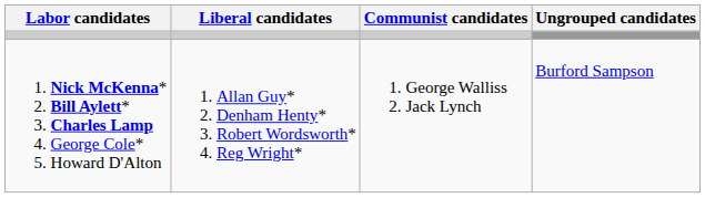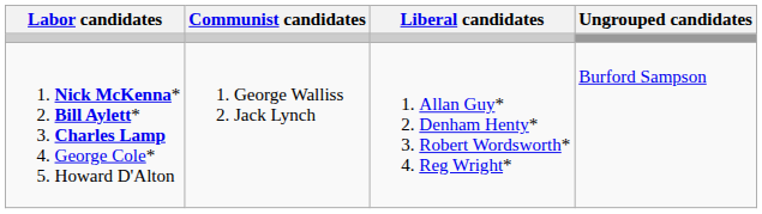 <table class="wikitable">
 <tr>
 <th><a href='#'>Labor</a> candidates</th>
+<th><a href='#'>Communist</a> candidates</th>
 <th><a href='#'>Liberal</a> candidates</th>
-<th><a href='#'>Communist</a> candidates</th>
 <th>Ungrouped candidates</th>
 </tr>
 <tr bgcolor="#cccccc">
 <td></td>
 <td></td>
 <td></td>
 <td bgcolor="#999999"></td>
 </tr>
 <tr>
 <td><br><ol><li><strong><a href='#'>Nick McKenna</a></strong>*</li><li><strong><a href='#'>Bill Aylett</a></strong>*</li><li><strong><a href='#'>Charles Lamp</a></strong></li><li><a href='#'>George Cole</a>*</li><li>Howard D'Alton</li></ol></td>
+<td valign=top><br><ol><li>George Walliss</li><li>Jack Lynch</li></ol></td>
 <td><br><ol><li><a href='#'>Allan Guy</a>*</li><li><a href='#'>Denham Henty</a>*</li><li><a href='#'>Robert Wordsworth</a>*</li><li><a href='#'>Reg Wright</a>*</li></ol></td>
-<td valign=top><br><ol><li>George Walliss</li><li>Jack Lynch</li></ol></td>
 <td valign=top><br><a href='#'>Burford Sampson</a></td>
 </tr>
 </table>
